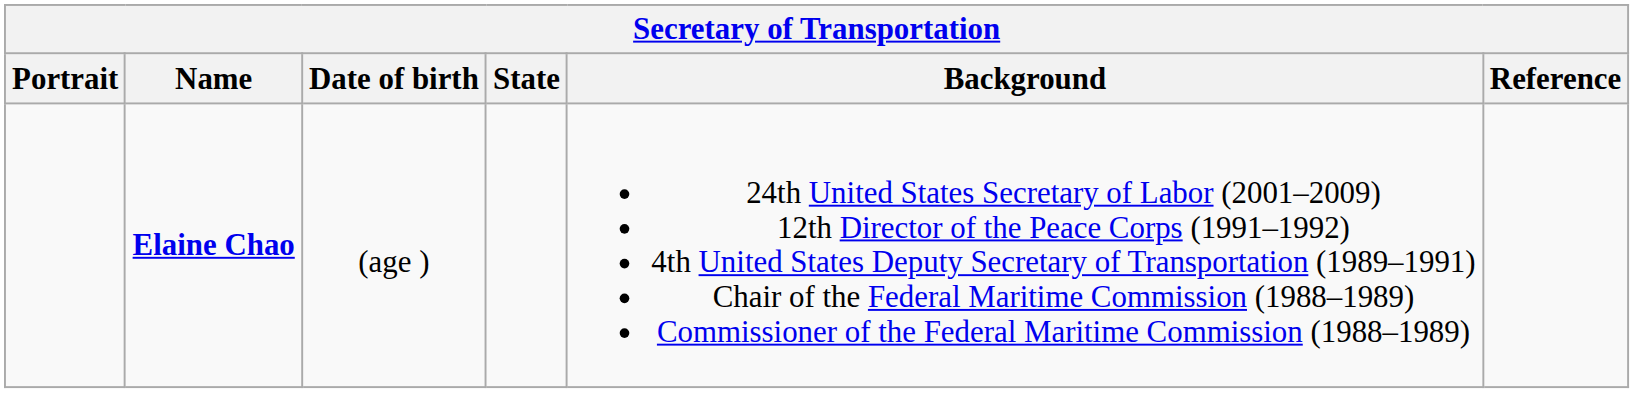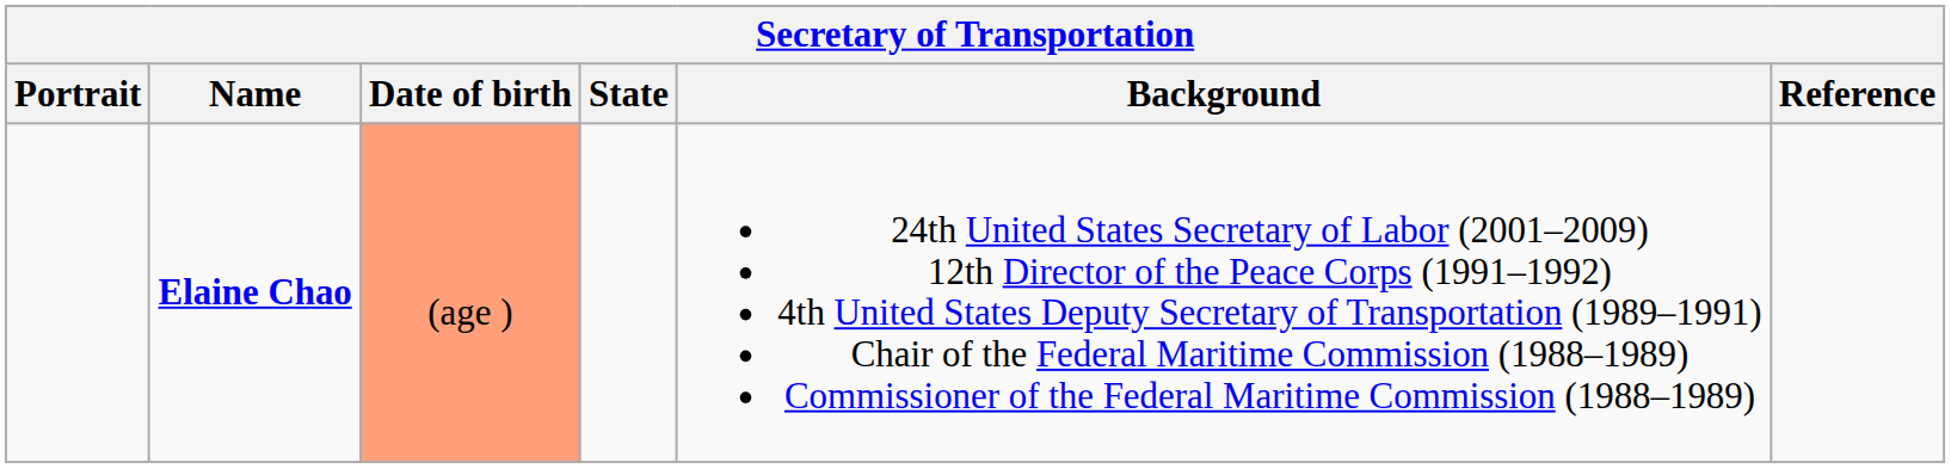 <table class="wikitable collapsible" style="text-align:center;">
 <tr>
 <th colspan="6"><a href='#'>Secretary of Transportation</a></th>
 </tr>
 <tr>
 <th>Portrait</th>
 <th>Name</th>
 <th>Date of birth</th>
 <th>State</th>
 <th>Background</th>
 <th>Reference</th>
 </tr>
 <tr>
 <td></td>
 <td><strong><a href='#'>Elaine Chao</a></strong></td>
-<td><br>(age )</td>
+<td style="background: lightsalmon;"><br>(age )</td>
 <td></td>
 <td><br><ul><li>24th <a href='#'>United States Secretary of Labor</a> (2001–2009)</li><li>12th <a href='#'>Director of the Peace Corps</a> (1991–1992)</li><li>4th <a href='#'>United States Deputy Secretary of Transportation</a> (1989–1991)</li><li>Chair of the <a href='#'>Federal Maritime Commission</a> (1988–1989)</li><li><a href='#'>Commissioner of the Federal Maritime Commission</a> (1988–1989)</li></ul></td>
 <td></td>
 </tr>
 </table>
